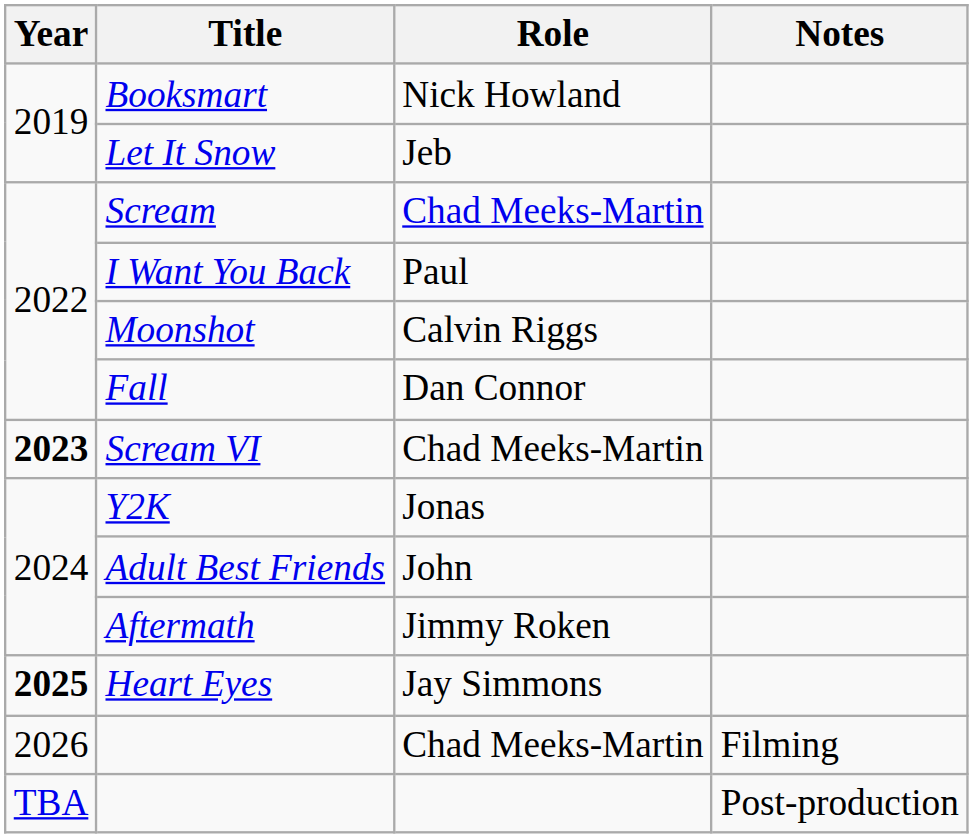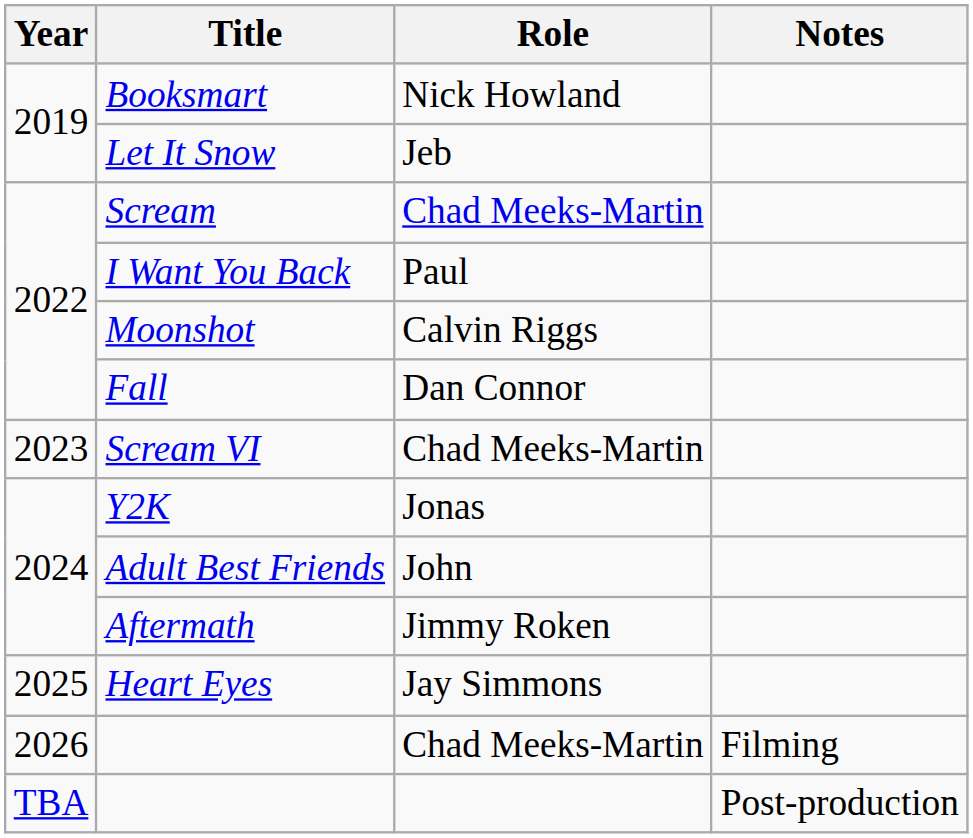 <table class="wikitable sortable">
 <tr>
 <th>Year</th>
 <th>Title</th>
 <th>Role</th>
 <th>Notes</th>
 </tr>
 <tr>
 <td rowspan="2">2019</td>
 <td><em><a href='#'>Booksmart</a></em></td>
 <td>Nick Howland</td>
 <td></td>
 </tr>
 <tr>
 <td><em><a href='#'>Let It Snow</a></em></td>
 <td>Jeb</td>
 <td></td>
 </tr>
 <tr>
 <td rowspan="4">2022</td>
 <td><em><a href='#'>Scream</a></em></td>
 <td><a href='#'>Chad Meeks-Martin</a></td>
 <td></td>
 </tr>
 <tr>
 <td><em><a href='#'>I Want You Back</a></em></td>
 <td>Paul</td>
 <td></td>
 </tr>
 <tr>
 <td><em><a href='#'>Moonshot</a></em></td>
 <td>Calvin Riggs</td>
 <td></td>
 </tr>
 <tr>
 <td><em><a href='#'>Fall</a></em></td>
 <td>Dan Connor</td>
 <td></td>
 </tr>
 <tr>
-<td><strong>2023</strong></td>
+<td>2023</td>
 <td><em><a href='#'>Scream VI</a></em></td>
 <td>Chad Meeks-Martin</td>
 <td></td>
 </tr>
 <tr>
 <td rowspan="3">2024</td>
 <td><em><a href='#'>Y2K</a></em></td>
 <td>Jonas</td>
 <td></td>
 </tr>
 <tr>
 <td><em><a href='#'>Adult Best Friends</a></em></td>
 <td>John</td>
 <td></td>
 </tr>
 <tr>
 <td><em><a href='#'>Aftermath</a></em></td>
 <td>Jimmy Roken</td>
 <td></td>
 </tr>
 <tr>
-<td><strong>2025</strong></td>
+<td>2025</td>
 <td><em><a href='#'>Heart Eyes</a></em></td>
 <td>Jay Simmons</td>
 <td></td>
 </tr>
 <tr>
 <td>2026</td>
 <td></td>
 <td>Chad Meeks-Martin</td>
 <td>Filming</td>
 </tr>
 <tr>
 <td><a href='#'>TBA</a></td>
 <td></td>
 <td></td>
 <td>Post-production</td>
 </tr>
 </table>
